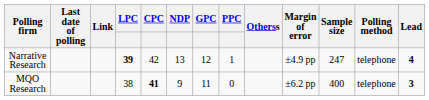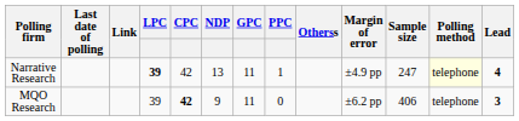 <table class="wikitable sortable mw-datatable" style="text-align:center;font-size:90%;line-height:14px;">
 <tr style="height:40px;">
 <th style="width:105px;" rowspan="2">Polling firm</th>
 <th style="width:105px;" rowspan="2">Last date<br>of polling</th>
 <th rowspan="2">Link</th>
 <th class="unsortable" style="width:40px;"><a href='#'>LPC</a></th>
 <th class="unsortable" style="width:40px;"><a href='#'>CPC</a></th>
 <th class="unsortable" style="width:40px;"><a href='#'>NDP</a></th>
 <th class="unsortable" style="width:40px;"><a href='#'>GPC</a></th>
 <th class="unsortable" style="width:40px;"><a href='#'>PPC</a></th>
 <th rowspan="2" style="width:40px"><a href='#'>Others</a>s</th>
 <th rowspan="2">Margin<br>of error</th>
 <th rowspan="2">Sample<br>size</th>
 <th rowspan="2">Polling method</th>
 <th rowspan="2">Lead</th>
 </tr>
 <tr>
 <th style="background:"></th>
 <th style="background:"></th>
 <th style="background:"></th>
 <th style="background:"></th>
 <th style="background:"></th>
 </tr>
 <tr>
 <td>Narrative Research</td>
 <td></td>
 <td></td>
 <td><strong>39</strong></td>
 <td>42</td>
 <td>13</td>
-<td>12</td>
+<td>11</td>
 <td>1</td>
 <td></td>
 <td>±4.9 pp</td>
 <td>247</td>
-<td>telephone</td>
+<td style="background: lightyellow;">telephone</td>
 <td><strong>4</strong></td>
 </tr>
 <tr>
 <td>MQO Research</td>
 <td></td>
 <td></td>
-<td>38</td>
-<td><strong>41</strong></td>
+<td>39</td>
+<td><strong>42</strong></td>
 <td>9</td>
 <td>11</td>
 <td>0</td>
 <td></td>
 <td>±6.2 pp</td>
-<td>400</td>
+<td>406</td>
 <td>telephone</td>
 <td><strong>3</strong></td>
 </tr>
 </table>
